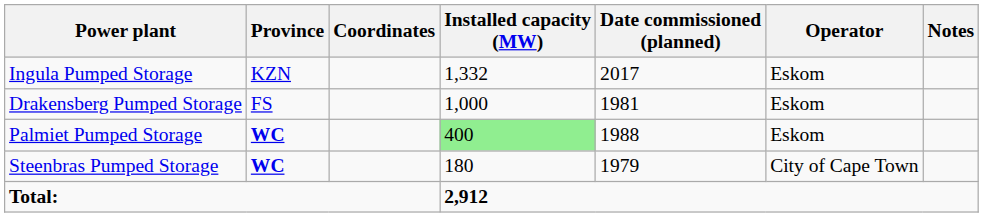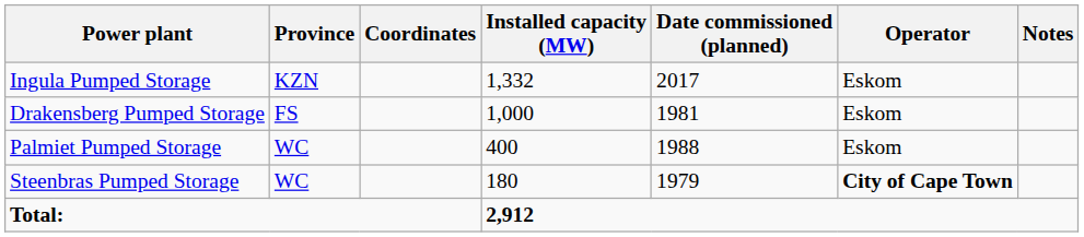 <table class="wikitable sortable">
 <tr>
 <th>Power plant</th>
 <th>Province</th>
 <th>Coordinates</th>
 <th>Installed capacity<br>(<a href='#'>MW</a>)</th>
 <th>Date commissioned<br>(planned)</th>
 <th>Operator</th>
 <th>Notes</th>
 </tr>
 <tr>
 <td><a href='#'>Ingula Pumped Storage</a></td>
 <td><a href='#'>KZN</a></td>
 <td></td>
 <td>1,332</td>
 <td>2017</td>
 <td>Eskom</td>
 <td></td>
 </tr>
 <tr>
 <td><a href='#'>Drakensberg Pumped Storage</a></td>
 <td><a href='#'>FS</a></td>
 <td></td>
 <td>1,000</td>
 <td>1981</td>
 <td>Eskom</td>
 <td></td>
 </tr>
 <tr>
 <td><a href='#'>Palmiet Pumped Storage</a></td>
-<td><strong><a href='#'>WC</a></strong></td>
+<td><a href='#'>WC</a></td>
 <td></td>
-<td style="background: lightgreen;">400</td>
+<td>400</td>
 <td>1988</td>
 <td>Eskom</td>
 <td></td>
 </tr>
 <tr>
 <td><a href='#'>Steenbras Pumped Storage</a></td>
-<td><strong><a href='#'>WC</a></strong></td>
+<td><a href='#'>WC</a></td>
 <td></td>
 <td>180</td>
 <td>1979</td>
-<td>City of Cape Town</td>
+<td><strong>City of Cape Town</strong></td>
 <td></td>
 </tr>
 <tr>
 <td colspan="3"><strong>Total:</strong></td>
 <td colspan="4"><strong>2,912</strong></td>
 </tr>
 </table>
